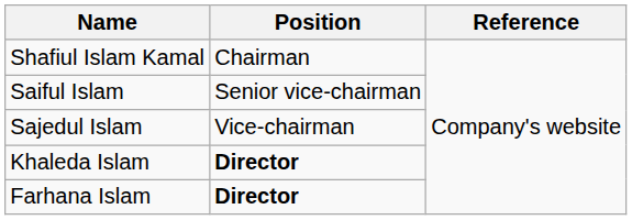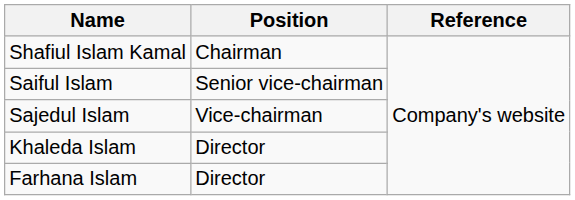 <table class="wikitable">
 <tr>
 <th width 50%>Name</th>
 <th>Position</th>
 <th width 10%>Reference</th>
 </tr>
 <tr>
 <td>Shafiul Islam Kamal</td>
 <td>Chairman</td>
 <td rowspan="5">Company's website</td>
 </tr>
 <tr>
 <td>Saiful Islam</td>
 <td>Senior vice-chairman</td>
 </tr>
 <tr>
 <td>Sajedul Islam</td>
 <td>Vice-chairman</td>
 </tr>
 <tr>
 <td>Khaleda Islam</td>
-<td><strong>Director</strong></td>
+<td>Director</td>
 </tr>
 <tr>
 <td>Farhana Islam</td>
-<td><strong>Director</strong></td>
+<td>Director</td>
 </tr>
 </table>
